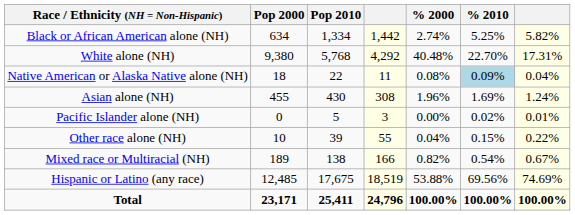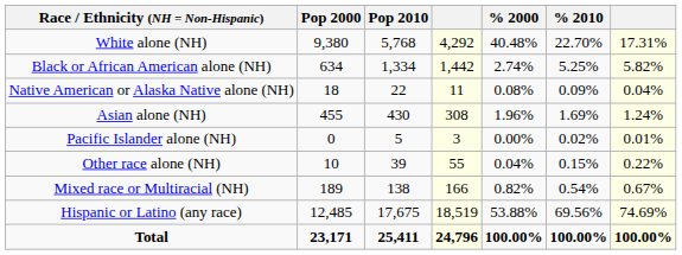 <table class="wikitable" style="text-align:center;">
 <tr>
 <th>Race / Ethnicity <small>(<em>NH = Non-Hispanic</em>)</small></th>
 <th>Pop 2000</th>
 <th>Pop 2010</th>
 <th></th>
 <th>% 2000</th>
 <th>% 2010</th>
 <th></th>
 </tr>
 <tr>
+<td><a href='#'>White</a> alone (NH)</td>
+<td>9,380</td>
+<td>5,768</td>
+<td style='background: #ffffe6;'>4,292</td>
+<td>40.48%</td>
+<td>22.70%</td>
+<td style='background: #ffffe6;'>17.31%</td>
+</tr>
+<tr>
 <td><a href='#'>Black or African American</a> alone (NH)</td>
 <td>634</td>
 <td>1,334</td>
 <td style='background: #ffffe6;'>1,442</td>
 <td>2.74%</td>
 <td>5.25%</td>
 <td style='background: #ffffe6;'>5.82%</td>
 </tr>
 <tr>
-<td><a href='#'>White</a> alone (NH)</td>
-<td>9,380</td>
-<td>5,768</td>
-<td style='background: #ffffe6;'>4,292</td>
-<td>40.48%</td>
-<td>22.70%</td>
-<td style='background: #ffffe6;'>17.31%</td>
-</tr>
-<tr>
 <td><a href='#'>Native American</a> or <a href='#'>Alaska Native</a> alone (NH)</td>
 <td>18</td>
 <td>22</td>
 <td style='background: #ffffe6;'>11</td>
 <td>0.08%</td>
-<td style="background: lightblue;">0.09%</td>
+<td>0.09%</td>
 <td style='background: #ffffe6;'>0.04%</td>
 </tr>
 <tr>
 <td><a href='#'>Asian</a> alone (NH)</td>
 <td>455</td>
 <td>430</td>
 <td style='background: #ffffe6;'>308</td>
 <td>1.96%</td>
 <td>1.69%</td>
 <td style='background: #ffffe6;'>1.24%</td>
 </tr>
 <tr>
 <td><a href='#'>Pacific Islander</a> alone (NH)</td>
 <td>0</td>
 <td>5</td>
 <td style='background: #ffffe6;'>3</td>
 <td>0.00%</td>
 <td>0.02%</td>
 <td style='background: #ffffe6;'>0.01%</td>
 </tr>
 <tr>
 <td><a href='#'>Other race</a> alone (NH)</td>
 <td>10</td>
 <td>39</td>
 <td style='background: #ffffe6;'>55</td>
 <td>0.04%</td>
 <td>0.15%</td>
 <td style='background: #ffffe6;'>0.22%</td>
 </tr>
 <tr>
 <td><a href='#'>Mixed race or Multiracial</a> (NH)</td>
 <td>189</td>
 <td>138</td>
 <td style='background: #ffffe6;'>166</td>
 <td>0.82%</td>
 <td>0.54%</td>
 <td style='background: #ffffe6;'>0.67%</td>
 </tr>
 <tr>
 <td><a href='#'>Hispanic or Latino</a> (any race)</td>
 <td>12,485</td>
 <td>17,675</td>
 <td style='background: #ffffe6;'>18,519</td>
 <td>53.88%</td>
 <td>69.56%</td>
 <td style='background: #ffffe6;'>74.69%</td>
 </tr>
 <tr>
 <td><strong>Total</strong></td>
 <td><strong>23,171</strong></td>
 <td><strong>25,411</strong></td>
 <td style='background: #ffffe6;'><strong>24,796</strong></td>
 <td><strong>100.00%</strong></td>
 <td><strong>100.00%</strong></td>
 <td style='background: #ffffe6;'><strong>100.00%</strong></td>
 </tr>
 </table>
